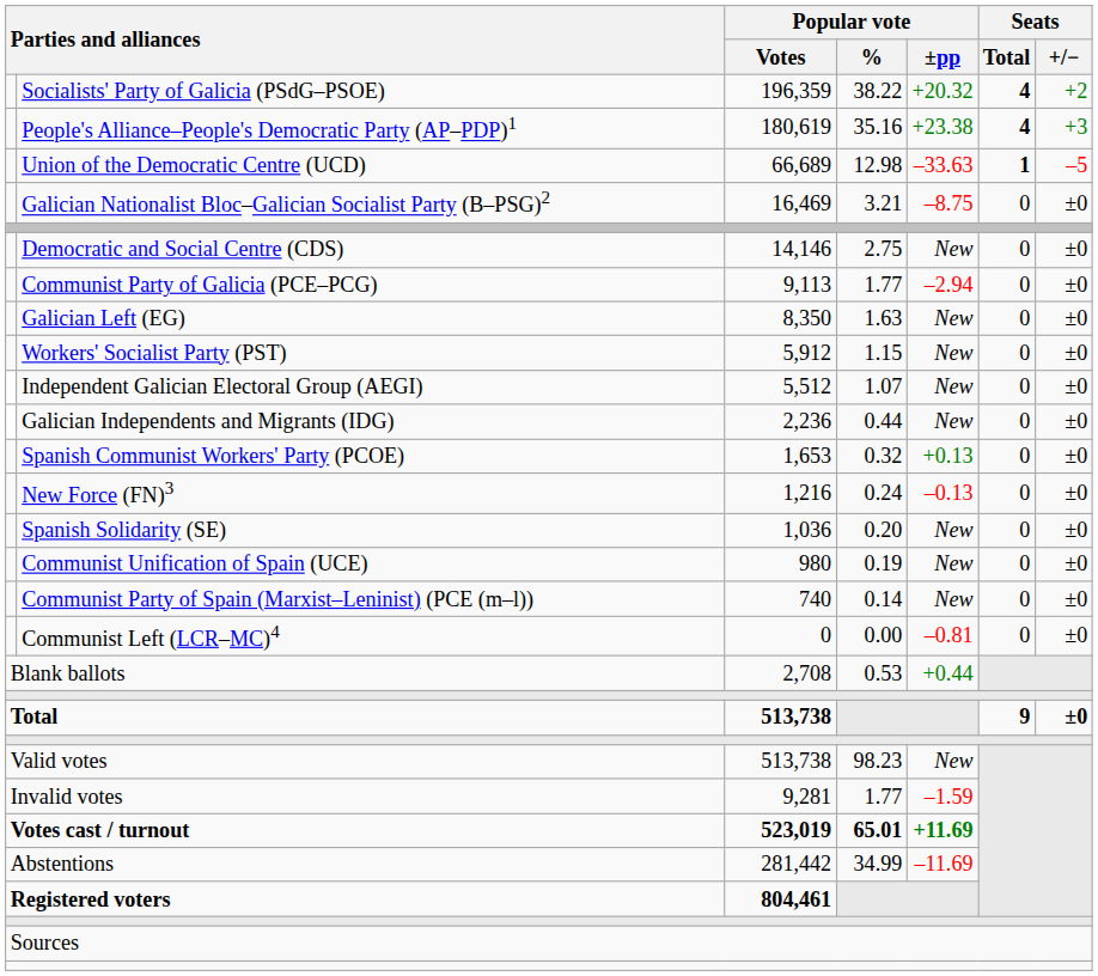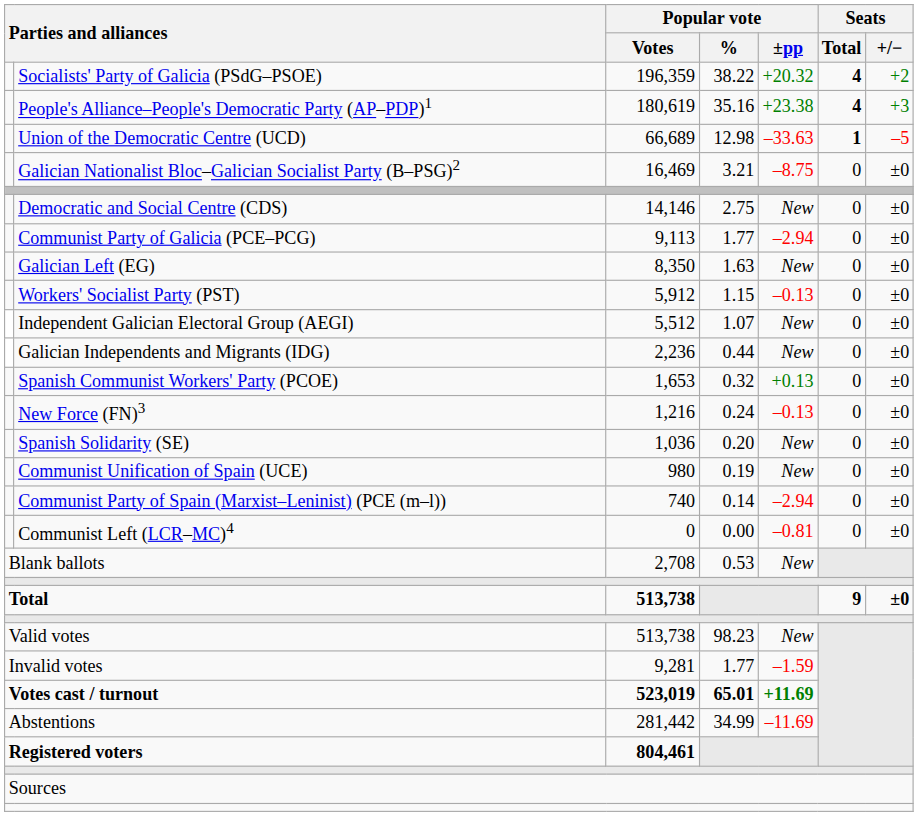 <table class="wikitable" style="text-align:right;">
 <tr>
 <th style="text-align:left;" rowspan="2" colspan="2" width="525">Parties and alliances</th>
 <th colspan="3">Popular vote</th>
 <th colspan="2">Seats</th>
 </tr>
 <tr>
 <th width="75">Votes</th>
 <th width="45">%</th>
 <th width="45">±<a href='#'>pp</a></th>
 <th width="35">Total</th>
 <th width="35">+/−</th>
 </tr>
 <tr>
 <td width="1" style="color:inherit;background:"></td>
 <td align="left"><a href='#'>Socialists' Party of Galicia</a> (PSdG–PSOE)</td>
 <td>196,359</td>
 <td>38.22</td>
 <td style="color:green;">+20.32</td>
 <td><strong>4</strong></td>
 <td style="color:green;">+2</td>
 </tr>
 <tr>
 <td style="color:inherit;background:"></td>
 <td align="left"><a href='#'>People's Alliance–People's Democratic Party</a> (<a href='#'>AP</a>–<a href='#'>PDP</a>)<sup>1</sup></td>
 <td>180,619</td>
 <td>35.16</td>
 <td style="color:green;">+23.38</td>
 <td><strong>4</strong></td>
 <td style="color:green;">+3</td>
 </tr>
 <tr>
 <td style="color:inherit;background:"></td>
 <td align="left"><a href='#'>Union of the Democratic Centre</a> (UCD)</td>
 <td>66,689</td>
 <td>12.98</td>
 <td style="color:red;">–33.63</td>
 <td><strong>1</strong></td>
 <td style="color:red;">–5</td>
 </tr>
 <tr>
 <td style="color:inherit;background:"></td>
 <td align="left"><a href='#'>Galician Nationalist Bloc</a>–<a href='#'>Galician Socialist Party</a> (B–PSG)<sup>2</sup></td>
 <td>16,469</td>
 <td>3.21</td>
 <td style="color:red;">–8.75</td>
 <td>0</td>
 <td>±0</td>
 </tr>
 <tr>
 <td colspan="7" bgcolor="#C0C0C0"></td>
 </tr>
 <tr>
 <td style="color:inherit;background:"></td>
 <td align="left"><a href='#'>Democratic and Social Centre</a> (CDS)</td>
 <td>14,146</td>
 <td>2.75</td>
 <td><em>New</em></td>
 <td>0</td>
 <td>±0</td>
 </tr>
 <tr>
 <td style="color:inherit;background:"></td>
 <td align="left"><a href='#'>Communist Party of Galicia</a> (PCE–PCG)</td>
 <td>9,113</td>
 <td>1.77</td>
 <td style="color:red;">–2.94</td>
 <td>0</td>
 <td>±0</td>
 </tr>
 <tr>
 <td style="color:inherit;background:"></td>
 <td align="left"><a href='#'>Galician Left</a> (EG)</td>
 <td>8,350</td>
 <td>1.63</td>
 <td><em>New</em></td>
 <td>0</td>
 <td>±0</td>
 </tr>
 <tr>
 <td style="color:inherit;background:"></td>
 <td align="left"><a href='#'>Workers' Socialist Party</a> (PST)</td>
 <td>5,912</td>
 <td>1.15</td>
-<td><em>New</em></td>
+<td style="color:red;">–0.13</td>
 <td>0</td>
 <td>±0</td>
 </tr>
 <tr>
 <td bgcolor="white"></td>
 <td align="left">Independent Galician Electoral Group (AEGI)</td>
 <td>5,512</td>
 <td>1.07</td>
 <td><em>New</em></td>
 <td>0</td>
 <td>±0</td>
 </tr>
 <tr>
 <td bgcolor="white"></td>
 <td align="left">Galician Independents and Migrants (IDG)</td>
 <td>2,236</td>
 <td>0.44</td>
 <td><em>New</em></td>
 <td>0</td>
 <td>±0</td>
 </tr>
 <tr>
 <td style="color:inherit;background:"></td>
 <td align="left"><a href='#'>Spanish Communist Workers' Party</a> (PCOE)</td>
 <td>1,653</td>
 <td>0.32</td>
 <td style="color:green;">+0.13</td>
 <td>0</td>
 <td>±0</td>
 </tr>
 <tr>
 <td style="color:inherit;background:"></td>
 <td align="left"><a href='#'>New Force</a> (FN)<sup>3</sup></td>
 <td>1,216</td>
 <td>0.24</td>
 <td style="color:red;">–0.13</td>
 <td>0</td>
 <td>±0</td>
 </tr>
 <tr>
 <td style="color:inherit;background:"></td>
 <td align="left"><a href='#'>Spanish Solidarity</a> (SE)</td>
 <td>1,036</td>
 <td>0.20</td>
 <td><em>New</em></td>
 <td>0</td>
 <td>±0</td>
 </tr>
 <tr>
 <td style="color:inherit;background:"></td>
 <td align="left"><a href='#'>Communist Unification of Spain</a> (UCE)</td>
 <td>980</td>
 <td>0.19</td>
 <td><em>New</em></td>
 <td>0</td>
 <td>±0</td>
 </tr>
 <tr>
 <td style="color:inherit;background:"></td>
 <td align="left"><a href='#'>Communist Party of Spain (Marxist–Leninist)</a> (PCE (m–l))</td>
 <td>740</td>
 <td>0.14</td>
-<td><em>New</em></td>
+<td style="color:red;">–2.94</td>
 <td>0</td>
 <td>±0</td>
 </tr>
 <tr>
 <td style="color:inherit;background:"></td>
 <td align="left">Communist Left (<a href='#'>LCR</a>–<a href='#'>MC</a>)<sup>4</sup></td>
 <td>0</td>
 <td>0.00</td>
 <td style="color:red;">–0.81</td>
 <td>0</td>
 <td>±0</td>
 </tr>
 <tr>
 <td align="left" colspan="2">Blank ballots</td>
 <td>2,708</td>
 <td>0.53</td>
-<td style="color:green;">+0.44</td>
+<td><em>New</em></td>
 <td bgcolor="#E9E9E9" colspan="2"></td>
 </tr>
 <tr>
 <td colspan="7" bgcolor="#E9E9E9"></td>
 </tr>
 <tr style="font-weight:bold;">
 <td align="left" colspan="2">Total</td>
 <td>513,738</td>
 <td bgcolor="#E9E9E9" colspan="2"></td>
 <td>9</td>
 <td>±0</td>
 </tr>
 <tr>
 <td colspan="7" bgcolor="#E9E9E9"></td>
 </tr>
 <tr>
 <td align="left" colspan="2">Valid votes</td>
 <td>513,738</td>
 <td>98.23</td>
 <td><em>New</em></td>
 <td bgcolor="#E9E9E9" colspan="2" rowspan="5"></td>
 </tr>
 <tr>
 <td align="left" colspan="2">Invalid votes</td>
 <td>9,281</td>
 <td>1.77</td>
 <td style="color:red;">–1.59</td>
 </tr>
 <tr style="font-weight:bold;">
 <td align="left" colspan="2">Votes cast / turnout</td>
 <td>523,019</td>
 <td>65.01</td>
 <td style="color:green;">+11.69</td>
 </tr>
 <tr>
 <td align="left" colspan="2">Abstentions</td>
 <td>281,442</td>
 <td>34.99</td>
 <td style="color:red;">–11.69</td>
 </tr>
 <tr style="font-weight:bold;">
 <td align="left" colspan="2">Registered voters</td>
 <td>804,461</td>
 <td bgcolor="#E9E9E9" colspan="2"></td>
 </tr>
 <tr>
 <td colspan="7" bgcolor="#E9E9E9"></td>
 </tr>
 <tr>
 <td align="left" colspan="7">Sources</td>
 </tr>
 <tr>
 <td colspan="7" style="text-align:left; max-width:790px;"></td>
 </tr>
 </table>
